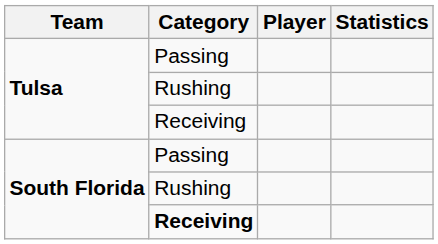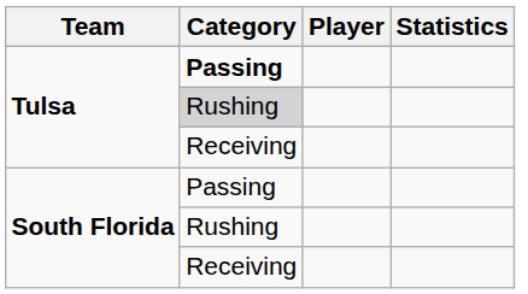 <table class="wikitable" style="float: left;">
 <tr>
 <th>Team</th>
 <th>Category</th>
 <th>Player</th>
 <th>Statistics</th>
 </tr>
 <tr>
 <td rowspan=3><strong>Tulsa</strong></td>
-<td>Passing</td>
+<td><strong>Passing</strong></td>
 <td> </td>
 <td> </td>
 </tr>
 <tr>
-<td>Rushing</td>
+<td style="background: lightgrey;">Rushing</td>
 <td> </td>
 <td> </td>
 </tr>
 <tr>
 <td>Receiving</td>
 <td> </td>
 <td> </td>
 </tr>
 <tr>
 <td rowspan=3><strong>South Florida</strong></td>
 <td>Passing</td>
 <td> </td>
 <td> </td>
 </tr>
 <tr>
 <td>Rushing</td>
 <td> </td>
 <td> </td>
 </tr>
 <tr>
-<td><strong>Receiving</strong></td>
+<td>Receiving</td>
 <td> </td>
 <td> </td>
 </tr>
 </table>
